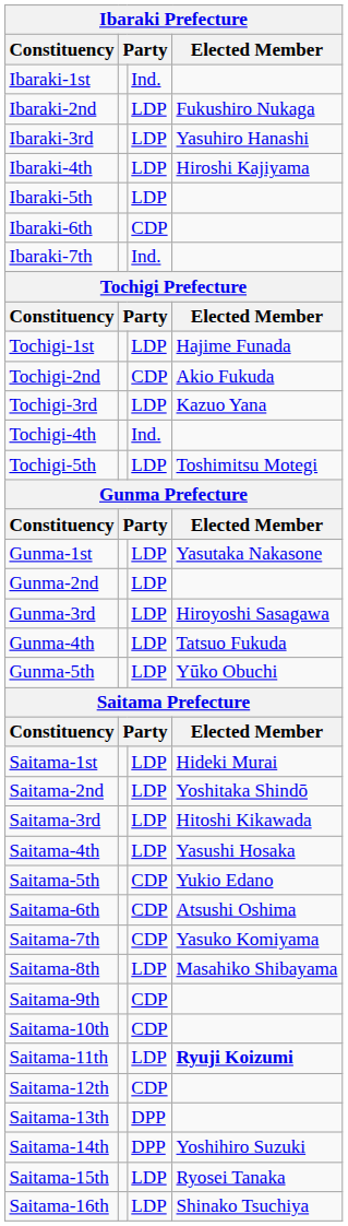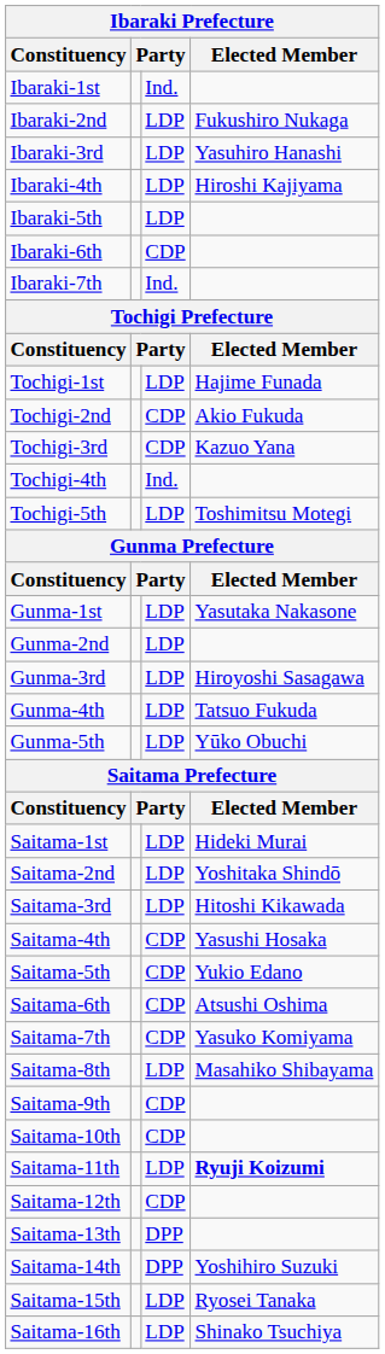 <table class="wikitable">
 <tr>
 <th colspan=4><a href='#'>Ibaraki Prefecture</a></th>
 </tr>
 <tr>
 <th>Constituency</th>
 <th colspan=2>Party</th>
 <th>Elected Member</th>
 </tr>
 <tr>
 <td><a href='#'>Ibaraki-1st</a></td>
 <td style="background:"></td>
 <td><a href='#'>Ind.</a></td>
 <td></td>
 </tr>
 <tr>
 <td><a href='#'>Ibaraki-2nd</a></td>
 <td style="background:"></td>
 <td><a href='#'>LDP</a></td>
 <td><a href='#'>Fukushiro Nukaga</a></td>
 </tr>
 <tr>
 <td><a href='#'>Ibaraki-3rd</a></td>
 <td style="background:"></td>
 <td><a href='#'>LDP</a></td>
 <td><a href='#'>Yasuhiro Hanashi</a></td>
 </tr>
 <tr>
 <td><a href='#'>Ibaraki-4th</a></td>
 <td style="background:"></td>
 <td><a href='#'>LDP</a></td>
 <td><a href='#'>Hiroshi Kajiyama</a></td>
 </tr>
 <tr>
 <td><a href='#'>Ibaraki-5th</a></td>
 <td style="background:"></td>
 <td><a href='#'>LDP</a></td>
 <td></td>
 </tr>
 <tr>
 <td><a href='#'>Ibaraki-6th</a></td>
 <td style="background:"></td>
 <td><a href='#'>CDP</a></td>
 <td></td>
 </tr>
 <tr>
 <td><a href='#'>Ibaraki-7th</a></td>
 <td style="background:"></td>
 <td><a href='#'>Ind.</a></td>
 <td></td>
 </tr>
 <tr>
 <th colspan=4><a href='#'>Tochigi Prefecture</a></th>
 </tr>
 <tr>
 <th>Constituency</th>
 <th colspan=2>Party</th>
 <th>Elected Member</th>
 </tr>
 <tr>
 <td><a href='#'>Tochigi-1st</a></td>
 <td style="background:"></td>
 <td><a href='#'>LDP</a></td>
 <td><a href='#'>Hajime Funada</a></td>
 </tr>
 <tr>
 <td><a href='#'>Tochigi-2nd</a></td>
 <td style="background:"></td>
 <td><a href='#'>CDP</a></td>
 <td><a href='#'>Akio Fukuda</a></td>
 </tr>
 <tr>
 <td><a href='#'>Tochigi-3rd</a></td>
 <td style="background:"></td>
-<td><a href='#'>LDP</a></td>
+<td><a href='#'>CDP</a></td>
 <td><a href='#'>Kazuo Yana</a></td>
 </tr>
 <tr>
 <td><a href='#'>Tochigi-4th</a></td>
 <td style="background:"></td>
 <td><a href='#'>Ind.</a></td>
 <td></td>
 </tr>
 <tr>
 <td><a href='#'>Tochigi-5th</a></td>
 <td style="background:"></td>
 <td><a href='#'>LDP</a></td>
 <td><a href='#'>Toshimitsu Motegi</a></td>
 </tr>
 <tr>
 <th colspan=4><a href='#'>Gunma Prefecture</a></th>
 </tr>
 <tr>
 <th>Constituency</th>
 <th colspan=2>Party</th>
 <th>Elected Member</th>
 </tr>
 <tr>
 <td><a href='#'>Gunma-1st</a></td>
 <td style="background:"></td>
 <td><a href='#'>LDP</a></td>
 <td><a href='#'>Yasutaka Nakasone</a></td>
 </tr>
 <tr>
 <td><a href='#'>Gunma-2nd</a></td>
 <td style="background:"></td>
 <td><a href='#'>LDP</a></td>
 <td></td>
 </tr>
 <tr>
 <td><a href='#'>Gunma-3rd</a></td>
 <td style="background:"></td>
 <td><a href='#'>LDP</a></td>
 <td><a href='#'>Hiroyoshi Sasagawa</a></td>
 </tr>
 <tr>
 <td><a href='#'>Gunma-4th</a></td>
 <td style="background:"></td>
 <td><a href='#'>LDP</a></td>
 <td><a href='#'>Tatsuo Fukuda</a></td>
 </tr>
 <tr>
 <td><a href='#'>Gunma-5th</a></td>
 <td style="background:"></td>
 <td><a href='#'>LDP</a></td>
 <td><a href='#'>Yūko Obuchi</a></td>
 </tr>
 <tr>
 <th colspan=4><a href='#'>Saitama Prefecture</a></th>
 </tr>
 <tr>
 <th>Constituency</th>
 <th colspan=2>Party</th>
 <th>Elected Member</th>
 </tr>
 <tr>
 <td><a href='#'>Saitama-1st</a></td>
 <td style="background:"></td>
 <td><a href='#'>LDP</a></td>
 <td><a href='#'>Hideki Murai</a></td>
 </tr>
 <tr>
 <td><a href='#'>Saitama-2nd</a></td>
 <td style="background:"></td>
 <td><a href='#'>LDP</a></td>
 <td><a href='#'>Yoshitaka Shindō</a></td>
 </tr>
 <tr>
 <td><a href='#'>Saitama-3rd</a></td>
 <td style="background:"></td>
 <td><a href='#'>LDP</a></td>
 <td><a href='#'>Hitoshi Kikawada</a></td>
 </tr>
 <tr>
 <td><a href='#'>Saitama-4th</a></td>
 <td style="background:"></td>
-<td><a href='#'>LDP</a></td>
+<td><a href='#'>CDP</a></td>
 <td><a href='#'>Yasushi Hosaka</a></td>
 </tr>
 <tr>
 <td><a href='#'>Saitama-5th</a></td>
 <td style="background:"></td>
 <td><a href='#'>CDP</a></td>
 <td><a href='#'>Yukio Edano</a></td>
 </tr>
 <tr>
 <td><a href='#'>Saitama-6th</a></td>
 <td style="background:"></td>
 <td><a href='#'>CDP</a></td>
 <td><a href='#'>Atsushi Oshima</a></td>
 </tr>
 <tr>
 <td><a href='#'>Saitama-7th</a></td>
 <td style="background:"></td>
 <td><a href='#'>CDP</a></td>
 <td><a href='#'>Yasuko Komiyama</a></td>
 </tr>
 <tr>
 <td><a href='#'>Saitama-8th</a></td>
 <td style="background:"></td>
 <td><a href='#'>LDP</a></td>
 <td><a href='#'>Masahiko Shibayama</a></td>
 </tr>
 <tr>
 <td><a href='#'>Saitama-9th</a></td>
 <td style="background:"></td>
 <td><a href='#'>CDP</a></td>
 <td></td>
 </tr>
 <tr>
 <td><a href='#'>Saitama-10th</a></td>
 <td style="background:"></td>
 <td><a href='#'>CDP</a></td>
 <td></td>
 </tr>
 <tr>
 <td><a href='#'>Saitama-11th</a></td>
 <td style="background:"></td>
 <td><a href='#'>LDP</a></td>
 <td><strong><a href='#'>Ryuji Koizumi</a></strong></td>
 </tr>
 <tr>
 <td><a href='#'>Saitama-12th</a></td>
 <td style="background:"></td>
 <td><a href='#'>CDP</a></td>
 <td></td>
 </tr>
 <tr>
 <td><a href='#'>Saitama-13th</a></td>
 <td style="background:"></td>
 <td><a href='#'>DPP</a></td>
 <td></td>
 </tr>
 <tr>
 <td><a href='#'>Saitama-14th</a></td>
 <td style="background:"></td>
 <td><a href='#'>DPP</a></td>
 <td><a href='#'>Yoshihiro Suzuki</a></td>
 </tr>
 <tr>
 <td><a href='#'>Saitama-15th</a></td>
 <td style="background:"></td>
 <td><a href='#'>LDP</a></td>
 <td><a href='#'>Ryosei Tanaka</a></td>
 </tr>
 <tr>
 <td><a href='#'>Saitama-16th</a></td>
 <td style="background:"></td>
 <td><a href='#'>LDP</a></td>
 <td><a href='#'>Shinako Tsuchiya</a></td>
 </tr>
 </table>
